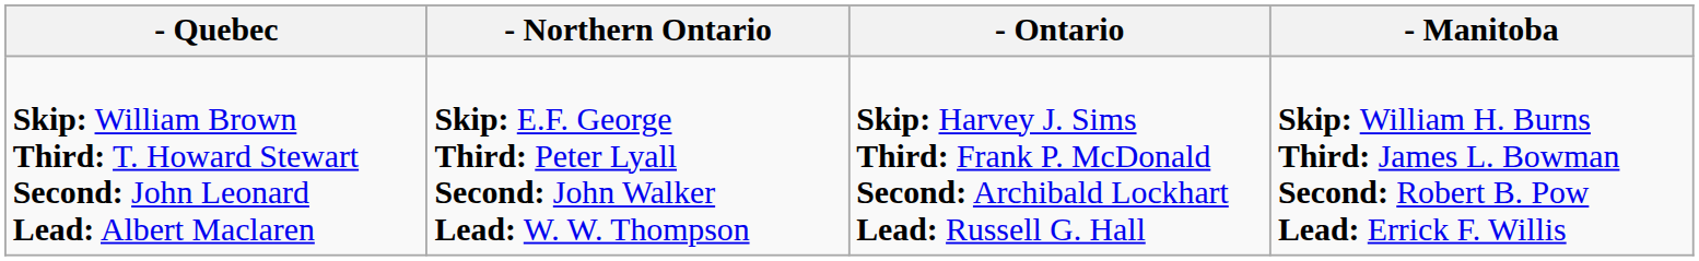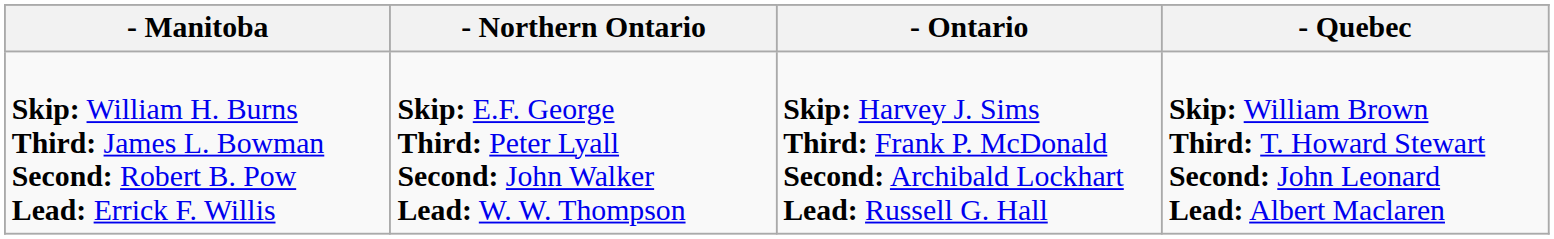 <table class="wikitable">
 <tr>
-<th bgcolor="#efefef" width="200"> - Quebec</th>
+<th bgcolor="#efefef" width="200"> - Manitoba</th>
 <th bgcolor="#efefef" width="200"> - Northern Ontario</th>
 <th bgcolor="#efefef" width="200"> - Ontario</th>
-<th bgcolor="#efefef" width="200"> - Manitoba</th>
+<th bgcolor="#efefef" width="200"> - Quebec</th>
 </tr>
 <tr align=center>
-<td align=left><br><strong>Skip:</strong> <a href='#'>William Brown</a><br> <strong>Third:</strong>  <a href='#'>T. Howard Stewart</a><br> <strong>Second:</strong>  <a href='#'>John Leonard</a><br> <strong>Lead:</strong>  <a href='#'>Albert Maclaren</a></td>
+<td align=left><br><strong>Skip:</strong> <a href='#'>William H. Burns</a><br> <strong>Third:</strong>  <a href='#'>James L. Bowman</a><br> <strong>Second:</strong>  <a href='#'>Robert B. Pow</a><br> <strong>Lead:</strong>  <a href='#'>Errick F. Willis</a></td>
 <td align=left><br><strong>Skip:</strong> <a href='#'>E.F. George</a><br> <strong>Third:</strong>  <a href='#'>Peter Lyall</a><br> <strong>Second:</strong>  <a href='#'>John Walker</a><br> <strong>Lead:</strong>  <a href='#'>W. W. Thompson</a></td>
 <td align=left><br><strong>Skip:</strong> <a href='#'>Harvey J. Sims</a><br> <strong>Third:</strong>  <a href='#'>Frank P. McDonald</a><br> <strong>Second:</strong>  <a href='#'>Archibald Lockhart</a><br> <strong>Lead:</strong>  <a href='#'>Russell G. Hall</a></td>
-<td align=left><br><strong>Skip:</strong> <a href='#'>William H. Burns</a><br> <strong>Third:</strong>  <a href='#'>James L. Bowman</a><br> <strong>Second:</strong>  <a href='#'>Robert B. Pow</a><br> <strong>Lead:</strong>  <a href='#'>Errick F. Willis</a></td>
+<td align=left><br><strong>Skip:</strong> <a href='#'>William Brown</a><br> <strong>Third:</strong>  <a href='#'>T. Howard Stewart</a><br> <strong>Second:</strong>  <a href='#'>John Leonard</a><br> <strong>Lead:</strong>  <a href='#'>Albert Maclaren</a></td>
 </tr>
 </table>
